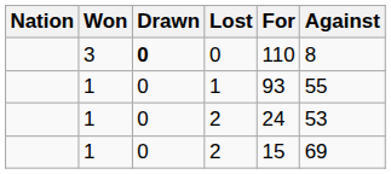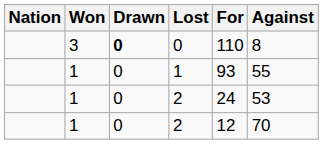 <table class="wikitable">
 <tr>
 <th>Nation</th>
 <th>Won</th>
 <th>Drawn</th>
 <th>Lost</th>
 <th>For</th>
 <th>Against</th>
 </tr>
 <tr>
 <td></td>
 <td>3</td>
 <td><strong>0</strong></td>
 <td>0</td>
 <td>110</td>
 <td>8</td>
 </tr>
 <tr>
 <td></td>
 <td>1</td>
 <td>0</td>
 <td>1</td>
 <td>93</td>
 <td>55</td>
 </tr>
 <tr>
 <td></td>
 <td>1</td>
 <td>0</td>
 <td>2</td>
 <td>24</td>
 <td>53</td>
 </tr>
 <tr>
 <td></td>
 <td>1</td>
 <td>0</td>
 <td>2</td>
-<td>15</td>
-<td>69</td>
+<td>12</td>
+<td>70</td>
 </tr>
 </table>
